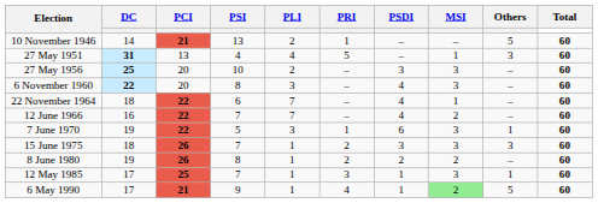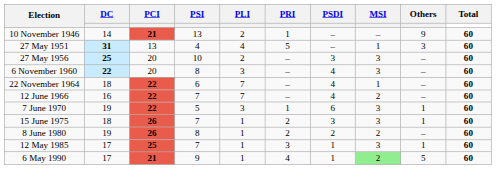 <table class="wikitable" style="text-align:center;font-size:90%;line-height:13px">
 <tr style="height:30px; background-color:#E9E9E9">
 <th style="width:120px;" rowspan="2">Election</th>
 <th style="width:65px;"><a href='#'>DC</a></th>
 <th style="width:65px;"><a href='#'>PCI</a></th>
 <th style="width:65px;"><a href='#'>PSI</a></th>
 <th style="width:65px;"><a href='#'>PLI</a></th>
 <th style="width:65px;"><a href='#'>PRI</a></th>
 <th style="width:65px;"><a href='#'>PSDI</a></th>
 <th style="width:65px;"><a href='#'>MSI</a></th>
 <th style="width:65px;">Others</th>
 <th style="width:65px;">Total</th>
 </tr>
 <tr>
 <th style="background:"></th>
 <th style="background:"></th>
 <th style="background:"></th>
 <th style="background:"></th>
 <th style="background:"></th>
 <th style="background:"></th>
 <th style="background:"></th>
 <th style="background:"></th>
 <th style="background:white;"></th>
 </tr>
 <tr>
 <td>10 November 1946</td>
 <td>14</td>
 <td style="background:#E95C4B"><strong>21</strong></td>
 <td>13</td>
 <td>2</td>
 <td>1</td>
 <td>–</td>
 <td>–</td>
-<td>5</td>
+<td>9</td>
 <td><strong>60</strong></td>
 </tr>
 <tr>
 <td>27 May 1951</td>
 <td style="background:#C8EBFF"><strong>31</strong></td>
 <td>13</td>
 <td>4</td>
 <td>4</td>
 <td>5</td>
 <td>–</td>
 <td>1</td>
 <td>3</td>
 <td><strong>60</strong></td>
 </tr>
 <tr>
 <td>27 May 1956</td>
 <td style="background:#C8EBFF"><strong>25</strong></td>
 <td>20</td>
 <td>10</td>
 <td>2</td>
 <td>–</td>
 <td>3</td>
 <td>3</td>
 <td>–</td>
 <td><strong>60</strong></td>
 </tr>
 <tr>
 <td>6 November 1960</td>
 <td style="background:#C8EBFF"><strong>22</strong></td>
 <td>20</td>
 <td>8</td>
 <td>3</td>
 <td>–</td>
 <td>4</td>
 <td>3</td>
 <td>–</td>
 <td><strong>60</strong></td>
 </tr>
 <tr>
 <td>22 November 1964</td>
 <td>18</td>
 <td style="background:#E95C4B"><strong>22</strong></td>
 <td>6</td>
 <td>7</td>
 <td>–</td>
 <td>4</td>
 <td>1</td>
 <td>–</td>
 <td><strong>60</strong></td>
 </tr>
 <tr>
 <td>12 June 1966</td>
 <td>16</td>
 <td style="background:#E95C4B"><strong>22</strong></td>
 <td>7</td>
 <td>7</td>
 <td>–</td>
 <td>4</td>
 <td>2</td>
 <td>–</td>
 <td><strong>60</strong></td>
 </tr>
 <tr>
 <td>7 June 1970</td>
 <td>19</td>
 <td style="background:#E95C4B"><strong>22</strong></td>
 <td>5</td>
 <td>3</td>
 <td>1</td>
 <td>6</td>
 <td>3</td>
 <td>1</td>
 <td><strong>60</strong></td>
 </tr>
 <tr>
 <td>15 June 1975</td>
 <td>18</td>
 <td style="background:#E95C4B"><strong>26</strong></td>
 <td>7</td>
 <td>1</td>
 <td>2</td>
 <td>3</td>
 <td>3</td>
-<td>3</td>
+<td>1</td>
 <td><strong>60</strong></td>
 </tr>
 <tr>
 <td>8 June 1980</td>
 <td>19</td>
 <td style="background:#E95C4B"><strong>26</strong></td>
 <td>8</td>
 <td>1</td>
 <td>2</td>
 <td>2</td>
 <td>2</td>
 <td>–</td>
 <td><strong>60</strong></td>
 </tr>
 <tr>
 <td>12 May 1985</td>
 <td>17</td>
 <td style="background:#E95C4B"><strong>25</strong></td>
 <td>7</td>
 <td>1</td>
 <td>3</td>
 <td>1</td>
 <td>3</td>
 <td>1</td>
 <td><strong>60</strong></td>
 </tr>
 <tr>
 <td>6 May 1990</td>
 <td>17</td>
 <td style="background:#E95C4B"><strong>21</strong></td>
 <td>9</td>
 <td>1</td>
 <td>4</td>
 <td>1</td>
 <td style="background: lightgreen;">2</td>
 <td>5</td>
 <td><strong>60</strong></td>
 </tr>
 </table>
